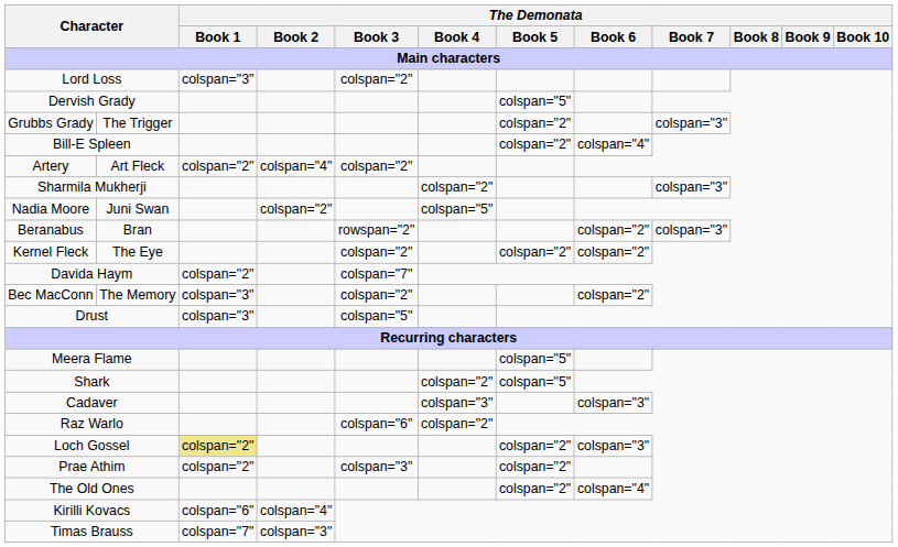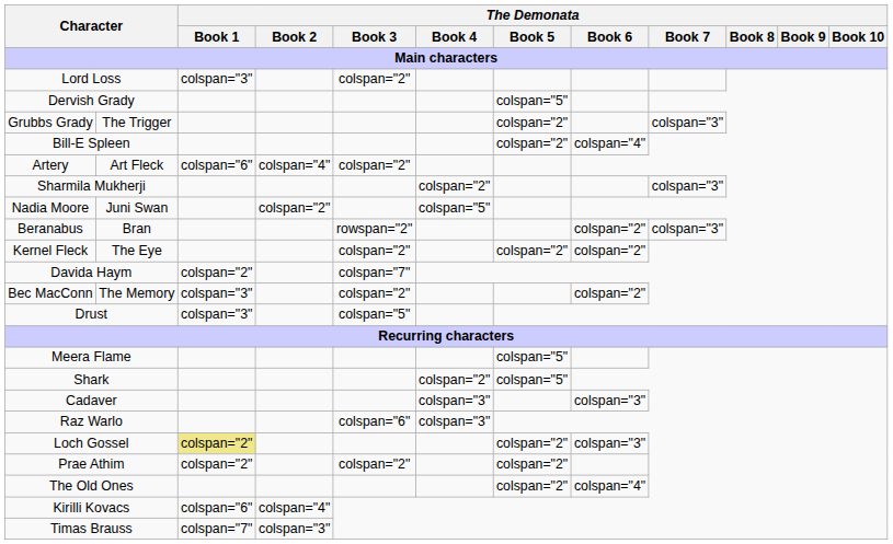 <table class="wikitable plainrowheaders" style="text-align:center;">
 <tr>
 <th scope="col" rowspan="2" colspan="2">Character</th>
 <th scope="col" colspan="10"><em>The Demonata</em></th>
 </tr>
 <tr>
 <th>Book 1</th>
 <th>Book 2</th>
 <th>Book 3</th>
 <th>Book 4</th>
 <th>Book 5</th>
 <th>Book 6</th>
 <th>Book 7</th>
 <th>Book 8</th>
 <th>Book 9</th>
 <th>Book 10</th>
 </tr>
 <tr>
 <th colspan="12" style="background:#ccf;">Main characters</th>
 </tr>
 <tr>
 <td scope="row" colspan="2">Lord Loss</td>
 <td>colspan="3" </td>
 <td></td>
 <td>colspan="2" </td>
 <td></td>
 <td></td>
 <td></td>
 <td></td>
 </tr>
 <tr>
 <td scope="row" colspan="2">Dervish Grady</td>
 <td></td>
 <td></td>
 <td></td>
 <td></td>
 <td>colspan="5" </td>
 <td></td>
 </tr>
 <tr>
 <td scope="row">Grubbs Grady</td>
 <td scope="row">The Trigger</td>
 <td></td>
 <td></td>
 <td></td>
 <td></td>
 <td>colspan="2" </td>
 <td></td>
 <td>colspan="3" </td>
 </tr>
 <tr>
 <td scope="row" colspan="2">Bill-E Spleen</td>
 <td></td>
 <td></td>
 <td></td>
 <td></td>
 <td>colspan="2" </td>
 <td>colspan="4" </td>
 </tr>
 <tr>
 <td scope="row">Artery</td>
 <td scope="row">Art Fleck</td>
-<td>colspan="2" </td>
+<td>colspan="6" </td>
 <td>colspan="4" </td>
 <td>colspan="2" </td>
 <td></td>
 <td></td>
 </tr>
 <tr>
 <td scope="row" colspan="2">Sharmila Mukherji</td>
 <td></td>
 <td></td>
 <td></td>
 <td>colspan="2" </td>
 <td></td>
 <td></td>
 <td>colspan="3" </td>
 </tr>
 <tr>
 <td scope="row">Nadia Moore</td>
 <td scope="row">Juni Swan</td>
 <td></td>
 <td>colspan="2" </td>
 <td></td>
 <td>colspan="5" </td>
 <td></td>
 </tr>
 <tr>
 <td scope="row">Beranabus</td>
 <td scope="row">Bran</td>
 <td></td>
 <td></td>
 <td>rowspan="2" </td>
 <td></td>
 <td></td>
 <td>colspan="2" </td>
 <td>colspan="3" </td>
 </tr>
 <tr>
 <td scope="row">Kernel Fleck</td>
 <td scope="row">The Eye</td>
 <td></td>
 <td></td>
 <td>colspan="2" </td>
 <td></td>
 <td>colspan="2" </td>
 <td>colspan="2" </td>
 </tr>
 <tr>
 <td scope="row" colspan="2">Davida Haym</td>
 <td>colspan="2" </td>
 <td></td>
 <td>colspan="7" </td>
 </tr>
 <tr>
 <td scope="row">Bec MacConn</td>
 <td scope="row">The Memory</td>
 <td>colspan="3" </td>
 <td></td>
 <td>colspan="2" </td>
 <td></td>
 <td></td>
 <td>colspan="2" </td>
 </tr>
 <tr>
 <td scope="row" colspan="2">Drust</td>
 <td>colspan="3" </td>
 <td></td>
 <td>colspan="5" </td>
 <td></td>
 </tr>
 <tr>
 <th colspan="12" style="background:#ccf;">Recurring characters</th>
 </tr>
 <tr>
 <td scope="row" colspan="2">Meera Flame</td>
 <td></td>
 <td></td>
 <td></td>
 <td></td>
 <td>colspan="5" </td>
 <td></td>
 </tr>
 <tr>
 <td scope="row" colspan="2">Shark</td>
 <td></td>
 <td></td>
 <td></td>
 <td>colspan="2" </td>
 <td>colspan="5" </td>
 </tr>
 <tr>
 <td scope="row" colspan="2">Cadaver</td>
 <td></td>
 <td></td>
 <td></td>
 <td>colspan="3" </td>
 <td></td>
 <td>colspan="3" </td>
 </tr>
 <tr>
 <td scope="row" colspan="2">Raz Warlo</td>
 <td></td>
 <td></td>
 <td>colspan="6" </td>
-<td>colspan="2" </td>
+<td>colspan="3" </td>
 </tr>
 <tr>
 <td scope="row" colspan="2">Loch Gossel</td>
 <td style="background: khaki;">colspan="2" </td>
 <td></td>
 <td></td>
 <td></td>
 <td>colspan="2" </td>
 <td>colspan="3" </td>
 </tr>
 <tr>
 <td scope="row" colspan="2">Prae Athim</td>
 <td>colspan="2" </td>
 <td></td>
-<td>colspan="3" </td>
+<td>colspan="2" </td>
 <td></td>
 <td>colspan="2" </td>
 <td></td>
 </tr>
 <tr>
 <td scope="row" colspan="2">The Old Ones</td>
 <td></td>
 <td></td>
 <td></td>
 <td></td>
 <td>colspan="2" </td>
 <td>colspan="4" </td>
 </tr>
 <tr>
 <td scope="row" colspan="2">Kirilli Kovacs</td>
 <td>colspan="6" </td>
 <td>colspan="4" </td>
 </tr>
 <tr>
 <td scope="row" colspan="2">Timas Brauss</td>
 <td>colspan="7" </td>
 <td>colspan="3" </td>
 </tr>
 </table>
